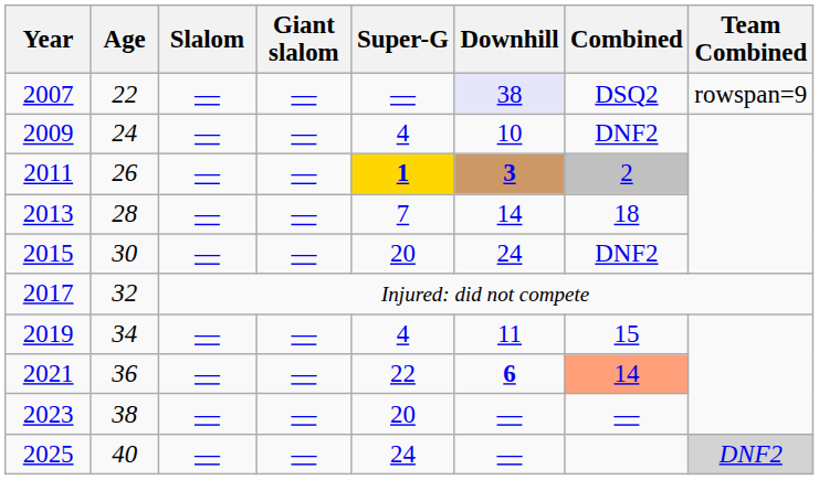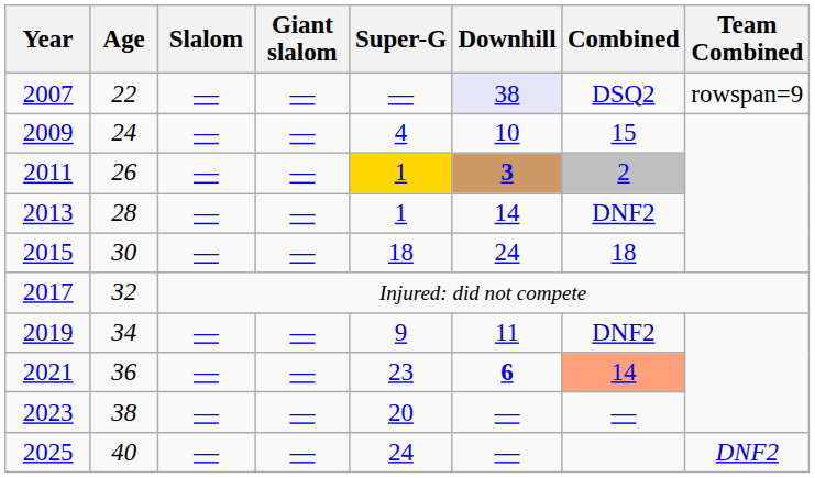 <table class=wikitable style="text-align:center">
 <tr>
 <th>  Year  </th>
 <th> Age </th>
 <th> Slalom </th>
 <th> Giant <br> slalom </th>
 <th>Super-G</th>
 <th>Downhill</th>
 <th>Combined</th>
 <th>Team<br>Combined</th>
 </tr>
 <tr>
 <td><a href='#'>2007</a></td>
 <td><em>22</em></td>
 <td><a href='#'>—</a></td>
 <td><a href='#'>—</a></td>
 <td><a href='#'>—</a></td>
 <td style="background: lavender;"><a href='#'>38</a></td>
 <td><a href='#'>DSQ2</a></td>
 <td>rowspan=9</td>
 </tr>
 <tr>
 <td><a href='#'>2009</a></td>
 <td><em>24</em></td>
 <td><a href='#'>—</a></td>
 <td><a href='#'>—</a></td>
 <td><a href='#'>4</a></td>
 <td><a href='#'>10</a></td>
-<td><a href='#'>DNF2</a></td>
+<td><a href='#'>15</a></td>
 </tr>
 <tr>
 <td><a href='#'>2011</a></td>
 <td><em>26</em></td>
 <td><a href='#'>—</a></td>
 <td><a href='#'>—</a></td>
-<td style="background:gold;"><strong><a href='#'>1</a></strong></td>
+<td style="background:gold;"><a href='#'>1</a></td>
 <td style="background:#c96;"><strong><a href='#'>3</a></strong></td>
 <td style="background:silver;"><a href='#'>2</a></td>
 </tr>
 <tr>
 <td><a href='#'>2013</a></td>
 <td><em>28</em></td>
 <td><a href='#'>—</a></td>
 <td><a href='#'>—</a></td>
-<td><a href='#'>7</a></td>
+<td><a href='#'>1</a></td>
 <td><a href='#'>14</a></td>
-<td><a href='#'>18</a></td>
+<td><a href='#'>DNF2</a></td>
 </tr>
 <tr>
 <td><a href='#'>2015</a></td>
 <td><em>30</em></td>
 <td><a href='#'>—</a></td>
 <td><a href='#'>—</a></td>
-<td><a href='#'>20</a></td>
+<td><a href='#'>18</a></td>
 <td><a href='#'>24</a></td>
-<td><a href='#'>DNF2</a></td>
+<td><a href='#'>18</a></td>
 </tr>
 <tr>
 <td><a href='#'>2017</a></td>
 <td><em>32</em></td>
 <td colspan=6><small><em>Injured: did not compete</em></small></td>
 </tr>
 <tr>
 <td><a href='#'>2019</a></td>
 <td><em>34</em></td>
 <td><a href='#'>—</a></td>
 <td><a href='#'>—</a></td>
-<td><a href='#'>4</a></td>
+<td><a href='#'>9</a></td>
 <td><a href='#'>11</a></td>
-<td><a href='#'>15</a></td>
+<td><a href='#'>DNF2</a></td>
 </tr>
 <tr>
 <td><a href='#'>2021</a></td>
 <td><em>36</em></td>
 <td><a href='#'>—</a></td>
 <td><a href='#'>—</a></td>
-<td><a href='#'>22</a></td>
+<td><a href='#'>23</a></td>
 <td><strong><a href='#'>6</a></strong></td>
 <td style="background: lightsalmon;"><a href='#'>14</a></td>
 </tr>
 <tr>
 <td><a href='#'>2023</a></td>
 <td><em>38</em></td>
 <td><a href='#'>—</a></td>
 <td><a href='#'>—</a></td>
 <td><a href='#'>20</a></td>
 <td><a href='#'>—</a></td>
 <td><a href='#'>—</a></td>
 </tr>
 <tr>
 <td><a href='#'>2025</a></td>
 <td><em>40</em></td>
 <td><a href='#'>—</a></td>
 <td><a href='#'>—</a></td>
 <td><a href='#'>24</a></td>
 <td><a href='#'>—</a></td>
 <td></td>
-<td style="background: lightgrey;"><a href='#'><em>DNF2</em></a></td>
+<td><a href='#'><em>DNF2</em></a></td>
 </tr>
 </table>
